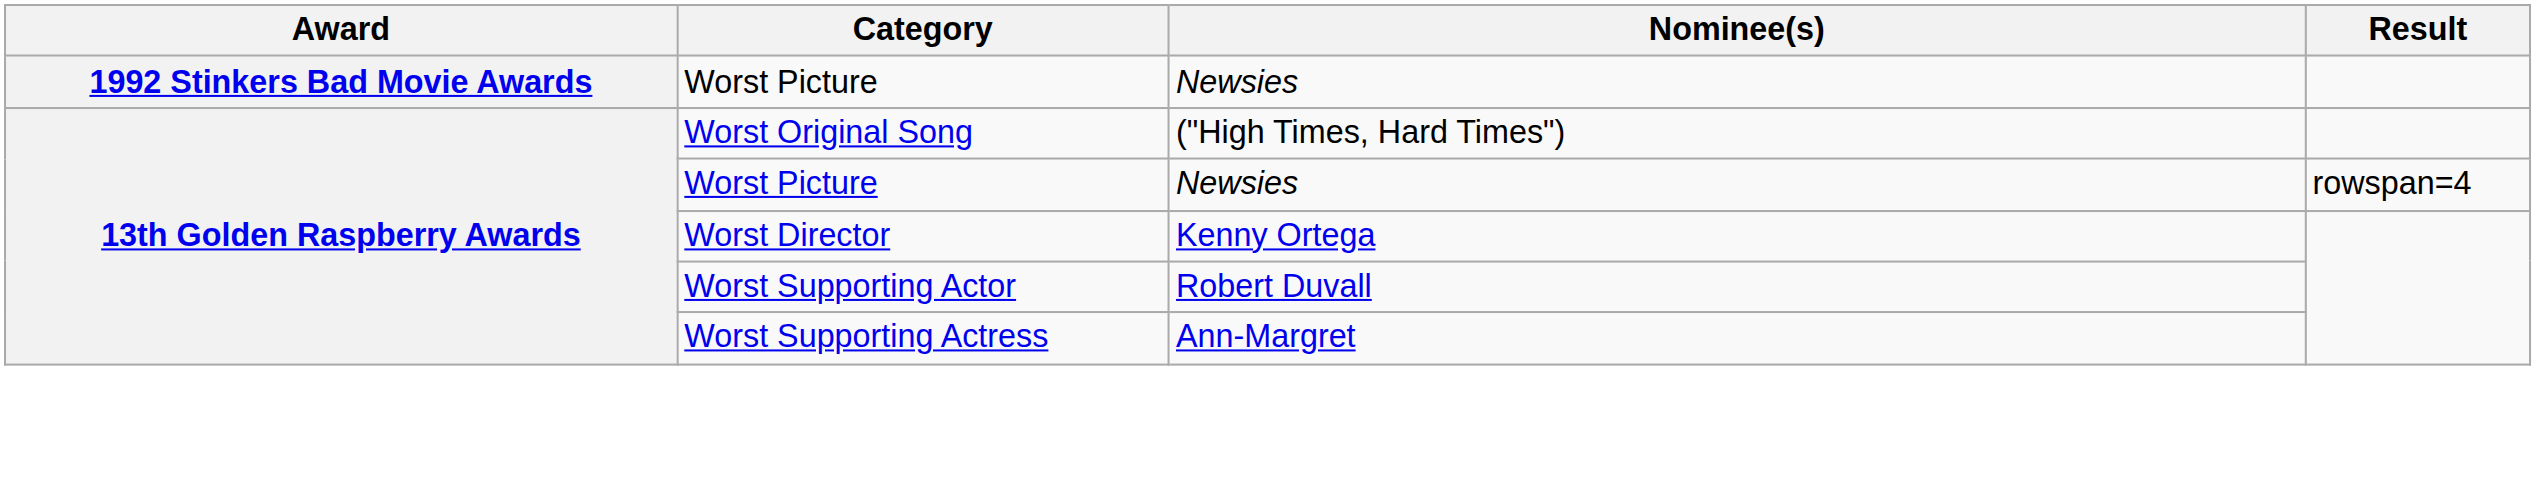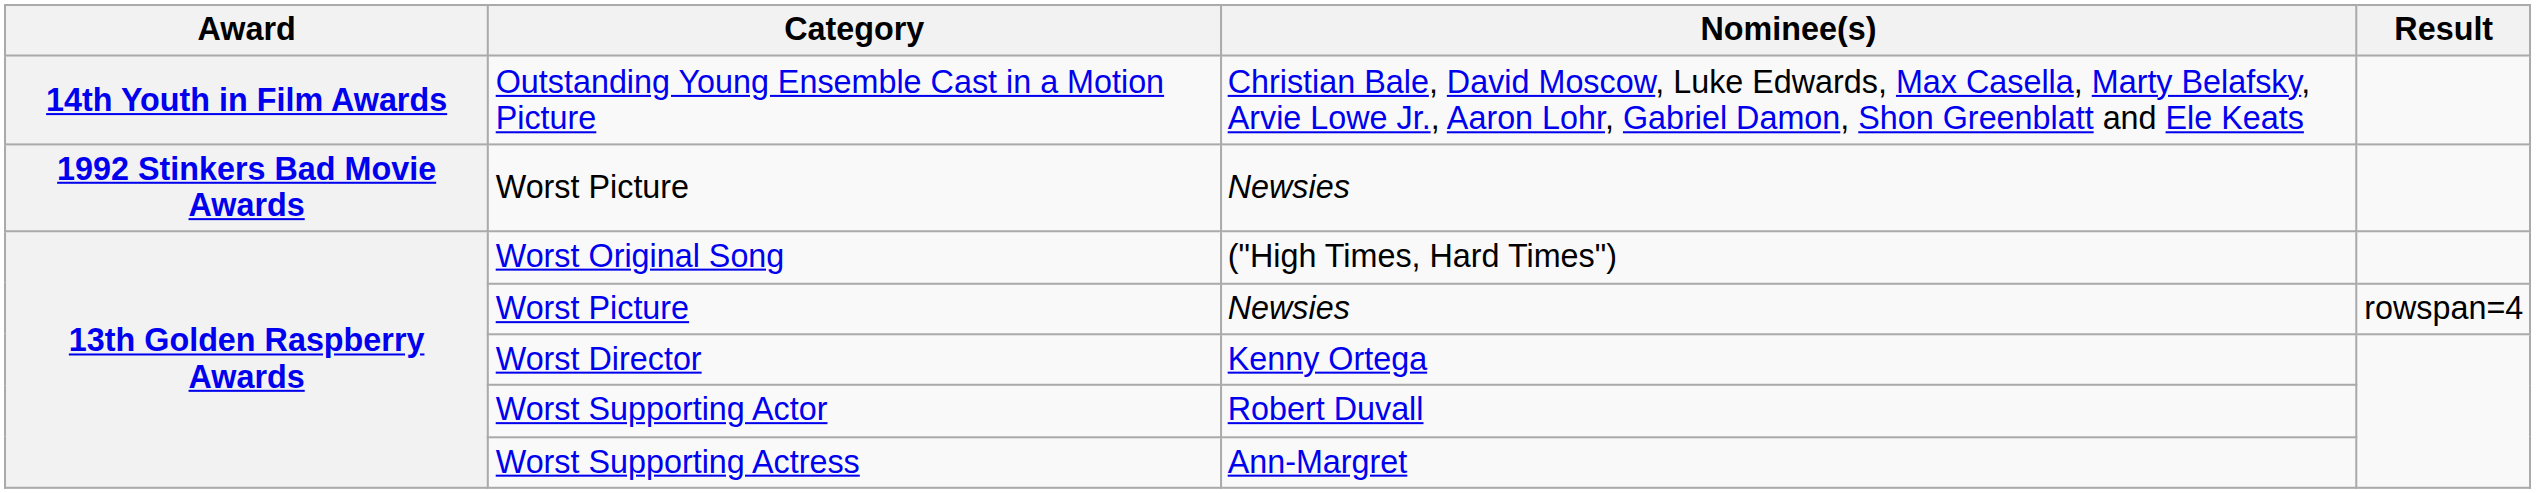 <table class="wikitable sortable plainrowheaders" style="width:99%;">
 <tr>
 <th>Award</th>
 <th>Category</th>
 <th style="width:45%;">Nominee(s)</th>
 <th>Result</th>
+</tr>
+<tr>
+<th scope="row"><a href='#'>14th Youth in Film Awards</a></th>
+<td><a href='#'>Outstanding Young Ensemble Cast in a Motion Picture</a></td>
+<td><a href='#'>Christian Bale</a>, <a href='#'>David Moscow</a>, Luke Edwards, <a href='#'>Max Casella</a>, <a href='#'>Marty Belafsky</a>, <a href='#'>Arvie Lowe Jr.</a>, <a href='#'>Aaron Lohr</a>, <a href='#'>Gabriel Damon</a>, <a href='#'>Shon Greenblatt</a> and <a href='#'>Ele Keats</a></td>
+<td></td>
 </tr>
 <tr>
 <th scope="row"><a href='#'>1992 Stinkers Bad Movie Awards</a></th>
 <td>Worst Picture</td>
 <td><em>Newsies</em></td>
 <td></td>
 </tr>
 <tr>
 <th rowspan="5" scope="row"><a href='#'>13th Golden Raspberry Awards</a></th>
 <td><a href='#'>Worst Original Song</a></td>
 <td>("High Times, Hard Times")</td>
 <td></td>
 </tr>
 <tr>
 <td><a href='#'>Worst Picture</a></td>
 <td><em>Newsies</em></td>
 <td>rowspan=4 </td>
 </tr>
 <tr>
 <td><a href='#'>Worst Director</a></td>
 <td><a href='#'>Kenny Ortega</a></td>
 </tr>
 <tr>
 <td><a href='#'>Worst Supporting Actor</a></td>
 <td><a href='#'>Robert Duvall</a></td>
 </tr>
 <tr>
 <td><a href='#'>Worst Supporting Actress</a></td>
 <td><a href='#'>Ann-Margret</a></td>
 </tr>
 </table>
